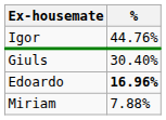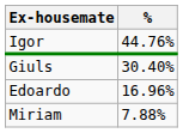 <table class=wikitable>
 <tr>
 <th>Ex-housemate</th>
 <th>%</th>
 </tr>
 <tr style="border-bottom:3px solid green;">
 <td>Igor</td>
 <td>44.76%</td>
 </tr>
 <tr>
 <td>Giuls</td>
 <td>30.40%</td>
 </tr>
 <tr>
 <td>Edoardo</td>
-<td><strong>16.96%</strong></td>
+<td>16.96%</td>
 </tr>
 <tr>
 <td>Miriam</td>
 <td>7.88%</td>
 </tr>
 </table>
